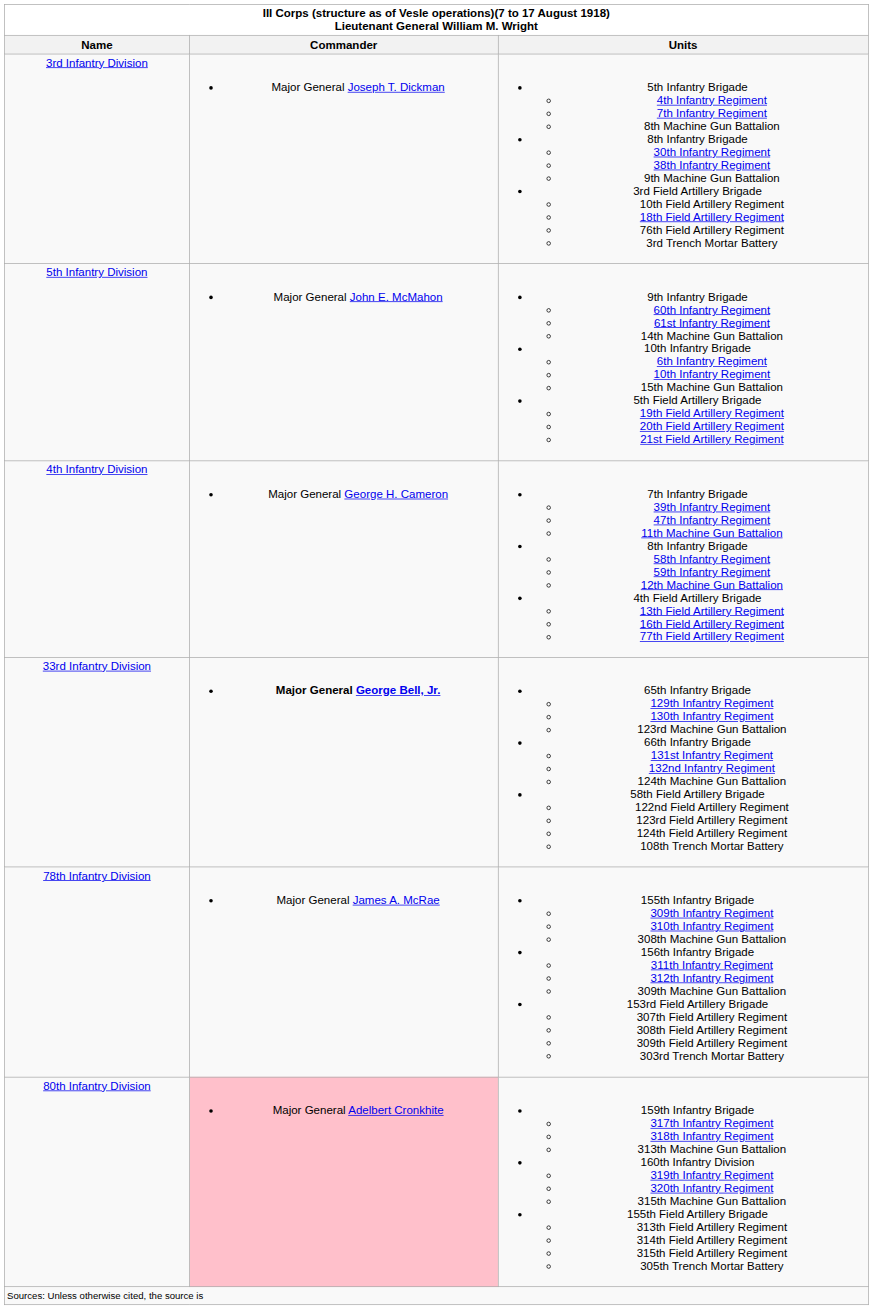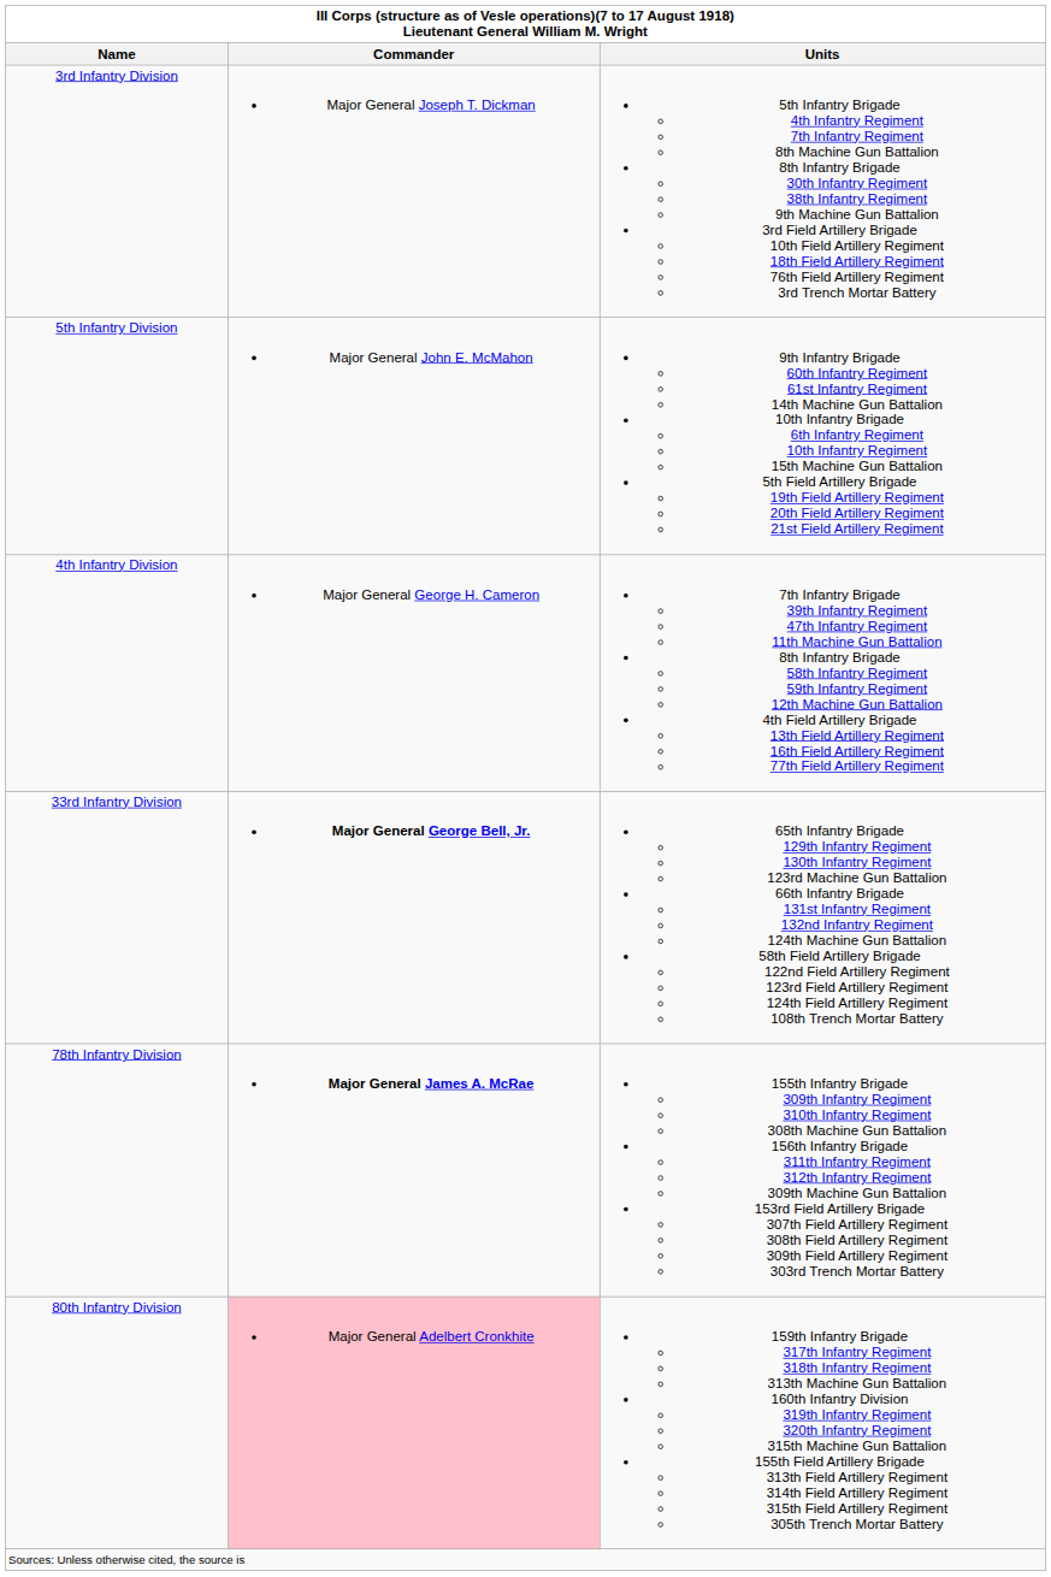 <table class="wikitable" style="width:95%;">
 <tr valign="top">
 <th colspan="11" style="background:white;">III Corps (structure as of Vesle operations)(7 to 17 August 1918)<br>Lieutenant General William M. Wright</th>
 </tr>
 <tr valign="top"|- valign="top">
 <th style="width:15%; text-align:center;">Name</th>
 <th style="width:25%; text-align:center;">Commander</th>
 <th style="width:30%; text-align:center;">Units</th>
 </tr>
 <tr valign="top">
 <td align=center><a href='#'>3rd Infantry Division</a></td>
 <td align=center><br><ul><li>Major General <a href='#'>Joseph T. Dickman</a></li></ul></td>
 <td align=center><br><ul><li>5th Infantry Brigade<ul><li><a href='#'>4th Infantry Regiment</a></li><li><a href='#'>7th Infantry Regiment</a></li><li>8th Machine Gun Battalion</li></ul></li><li>8th Infantry Brigade<ul><li><a href='#'>30th Infantry Regiment</a></li><li><a href='#'>38th Infantry Regiment</a></li><li>9th Machine Gun Battalion</li></ul></li><li>3rd Field Artillery Brigade<ul><li>10th Field Artillery Regiment</li><li><a href='#'>18th Field Artillery Regiment</a></li><li>76th Field Artillery Regiment</li><li>3rd Trench Mortar Battery</li></ul></li></ul></td>
 </tr>
 <tr valign="top">
 <td align=center><a href='#'>5th Infantry Division</a></td>
 <td align=center><br><ul><li>Major General <a href='#'>John E. McMahon</a></li></ul></td>
 <td align=center><br><ul><li>9th Infantry Brigade<ul><li><a href='#'>60th Infantry Regiment</a></li><li><a href='#'>61st Infantry Regiment</a></li><li>14th Machine Gun Battalion</li></ul></li><li>10th Infantry Brigade<ul><li><a href='#'>6th Infantry Regiment</a></li><li><a href='#'>10th Infantry Regiment</a></li><li>15th Machine Gun Battalion</li></ul></li><li>5th Field Artillery Brigade<ul><li><a href='#'>19th Field Artillery Regiment</a></li><li><a href='#'>20th Field Artillery Regiment</a></li><li><a href='#'>21st Field Artillery Regiment</a></li></ul></li></ul></td>
 </tr>
 <tr valign="top">
 <td align=center><a href='#'>4th Infantry Division</a></td>
 <td align=center><br><ul><li>Major General <a href='#'>George H. Cameron</a></li></ul></td>
 <td align=center><br><ul><li>7th Infantry Brigade<ul><li><a href='#'>39th Infantry Regiment</a></li><li><a href='#'>47th Infantry Regiment</a></li><li><a href='#'>11th Machine Gun Battalion</a></li></ul></li><li>8th Infantry Brigade<ul><li><a href='#'>58th Infantry Regiment</a></li><li><a href='#'>59th Infantry Regiment</a></li><li><a href='#'>12th Machine Gun Battalion</a></li></ul></li><li>4th Field Artillery Brigade<ul><li><a href='#'>13th Field Artillery Regiment</a></li><li><a href='#'>16th Field Artillery Regiment</a></li><li><a href='#'>77th Field Artillery Regiment</a></li></ul></li></ul></td>
 </tr>
 <tr valign="top">
 <td align=center><a href='#'>33rd Infantry Division</a></td>
 <td align=center><strong><br><ul><li>Major General <a href='#'>George Bell, Jr.</a></li></ul></strong></td>
 <td align=center><br><ul><li>65th Infantry Brigade<ul><li><a href='#'>129th Infantry Regiment</a></li><li><a href='#'>130th Infantry Regiment</a></li><li>123rd Machine Gun Battalion</li></ul></li><li>66th Infantry Brigade<ul><li><a href='#'>131st Infantry Regiment</a></li><li><a href='#'>132nd Infantry Regiment</a></li><li>124th Machine Gun Battalion</li></ul></li><li>58th Field Artillery Brigade<ul><li>122nd Field Artillery Regiment</li><li>123rd Field Artillery Regiment</li><li>124th Field Artillery Regiment</li><li>108th Trench Mortar Battery</li></ul></li></ul></td>
 </tr>
 <tr valign="top">
 <td align=center><a href='#'>78th Infantry Division</a></td>
-<td align=center><br><ul><li>Major General <a href='#'>James A. McRae</a></li></ul></td>
+<td align=center><strong><br><ul><li>Major General <a href='#'>James A. McRae</a></li></ul></strong></td>
 <td align=center><br><ul><li>155th Infantry Brigade<ul><li><a href='#'>309th Infantry Regiment</a></li><li><a href='#'>310th Infantry Regiment</a></li><li>308th Machine Gun Battalion</li></ul></li><li>156th Infantry Brigade<ul><li><a href='#'>311th Infantry Regiment</a></li><li><a href='#'>312th Infantry Regiment</a></li><li>309th Machine Gun Battalion</li></ul></li><li>153rd Field Artillery Brigade<ul><li>307th Field Artillery Regiment</li><li>308th Field Artillery Regiment</li><li>309th Field Artillery Regiment</li><li>303rd Trench Mortar Battery</li></ul></li></ul></td>
 </tr>
 <tr valign="top">
 <td align=center><a href='#'>80th Infantry Division</a></td>
 <td align=center style="background: pink;"><br><ul><li>Major General <a href='#'>Adelbert Cronkhite</a></li></ul></td>
 <td align=center><br><ul><li>159th Infantry Brigade<ul><li><a href='#'>317th Infantry Regiment</a></li><li><a href='#'>318th Infantry Regiment</a></li><li>313th Machine Gun Battalion</li></ul></li><li>160th Infantry Division<ul><li><a href='#'>319th Infantry Regiment</a></li><li><a href='#'>320th Infantry Regiment</a></li><li>315th Machine Gun Battalion</li></ul></li><li>155th Field Artillery Brigade<ul><li>313th Field Artillery Regiment</li><li>314th Field Artillery Regiment</li><li>315th Field Artillery Regiment</li><li>305th Trench Mortar Battery</li></ul></li></ul></td>
 </tr>
 <tr valign="top">
 <td colspan="9" style="text-align:left;"><small>Sources: Unless otherwise cited, the source is </small></td>
 </tr>
 </table>
